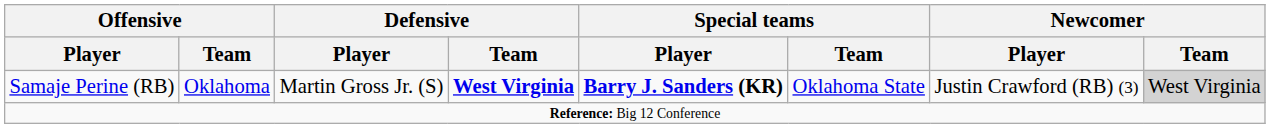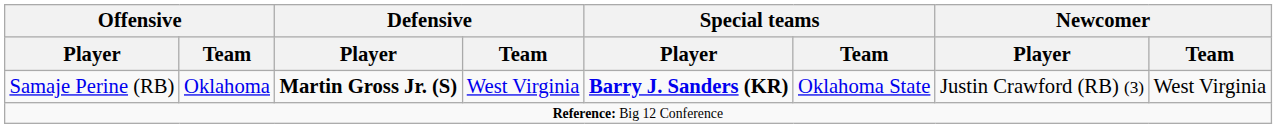 <table class="wikitable">
 <tr>
 <th colspan="2">Offensive</th>
 <th colspan="2">Defensive</th>
 <th colspan="2">Special teams</th>
 <th colspan="2">Newcomer</th>
 </tr>
 <tr>
 <th>Player</th>
 <th>Team</th>
 <th>Player</th>
 <th>Team</th>
 <th>Player</th>
 <th>Team</th>
 <th>Player</th>
 <th>Team</th>
 </tr>
 <tr>
 <td><a href='#'>Samaje Perine</a> (RB)</td>
 <td><a href='#'>Oklahoma</a></td>
-<td>Martin Gross Jr. (S)</td>
-<td><strong><a href='#'>West Virginia</a></strong></td>
+<td><strong>Martin Gross Jr. (S)</strong></td>
+<td><a href='#'>West Virginia</a></td>
 <td><strong><a href='#'>Barry J. Sanders</a> (KR)</strong></td>
 <td><a href='#'>Oklahoma State</a></td>
 <td>Justin Crawford (RB) <small>(3)</small></td>
-<td style="background: lightgrey;">West Virginia</td>
+<td>West Virginia</td>
 </tr>
 <tr>
 <td colspan="12"  style="font-size:8pt; text-align:center;"><strong>Reference:</strong> Big 12 Conference</td>
 </tr>
 </table>
